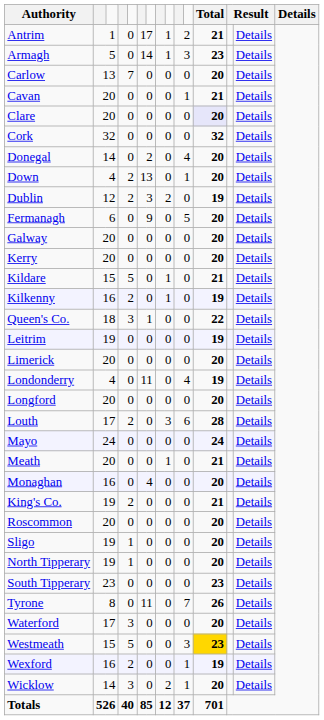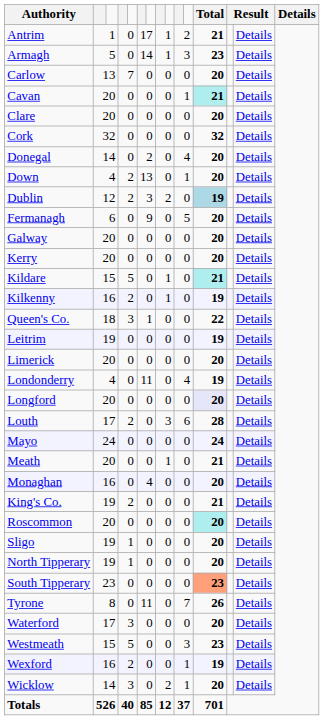 <table class="wikitable" style="text-align:right; padding-left:1em">
 <tr>
 <th align="left">Authority</th>
 <th style="background-color: "></th>
 <td><a href='#'></a></td>
 <th style="background-color: "></th>
 <td><a href='#'></a></td>
 <th style="background-color: "></th>
 <td><a href='#'></a></td>
 <th style="background-color: "></th>
 <td><a href='#'></a></td>
 <th style="background-color: "></th>
 <td><a href='#'></a></td>
 <th align="left">Total</th>
 <th colspan=2>Result</th>
 <th>Details</th>
 </tr>
 <tr>
 <td align=left><a href='#'>Antrim</a></td>
 <td colspan=2>1</td>
 <td colspan=2>0</td>
 <td colspan=2>17</td>
 <td colspan=2>1</td>
 <td colspan=2>2</td>
 <td><strong>21</strong></td>
 <td></td>
 <td><a href='#'>Details</a></td>
 </tr>
 <tr>
 <td align=left><a href='#'>Armagh</a></td>
 <td colspan=2>5</td>
 <td colspan=2>0</td>
 <td colspan=2>14</td>
 <td colspan=2>1</td>
 <td colspan=2>3</td>
 <td><strong>23</strong></td>
 <td></td>
 <td><a href='#'>Details</a></td>
 </tr>
 <tr>
 <td align=left><a href='#'>Carlow</a></td>
 <td colspan=2>13</td>
 <td colspan=2>7</td>
 <td colspan=2>0</td>
 <td colspan=2>0</td>
 <td colspan=2>0</td>
 <td><strong>20</strong></td>
 <td></td>
 <td><a href='#'>Details</a></td>
 </tr>
 <tr>
 <td align=left><a href='#'>Cavan</a></td>
 <td colspan=2>20</td>
 <td colspan=2>0</td>
 <td colspan=2>0</td>
 <td colspan=2>0</td>
 <td colspan=2>1</td>
-<td><strong>21</strong></td>
+<td style="background: paleturquoise;"><strong>21</strong></td>
 <td></td>
 <td><a href='#'>Details</a></td>
 </tr>
 <tr>
 <td align=left><a href='#'>Clare</a></td>
 <td colspan=2>20</td>
 <td colspan=2>0</td>
 <td colspan=2>0</td>
 <td colspan=2>0</td>
 <td colspan=2>0</td>
-<td style="background: lavender;"><strong>20</strong></td>
+<td><strong>20</strong></td>
 <td></td>
 <td><a href='#'>Details</a></td>
 </tr>
 <tr>
 <td align=left><a href='#'>Cork</a></td>
 <td colspan=2>32</td>
 <td colspan=2>0</td>
 <td colspan=2>0</td>
 <td colspan=2>0</td>
 <td colspan=2>0</td>
 <td><strong>32</strong></td>
 <td></td>
 <td><a href='#'>Details</a></td>
 </tr>
 <tr>
 <td align=left><a href='#'>Donegal</a></td>
 <td colspan=2>14</td>
 <td colspan=2>0</td>
 <td colspan=2>2</td>
 <td colspan=2>0</td>
 <td colspan=2>4</td>
 <td><strong>20</strong></td>
 <td></td>
 <td><a href='#'>Details</a></td>
 </tr>
 <tr>
 <td align=left><a href='#'>Down</a></td>
 <td colspan=2>4</td>
 <td colspan=2>2</td>
 <td colspan=2>13</td>
 <td colspan=2>0</td>
 <td colspan=2>1</td>
 <td><strong>20</strong></td>
 <td></td>
 <td><a href='#'>Details</a></td>
 </tr>
 <tr>
 <td align=left><a href='#'>Dublin</a></td>
 <td colspan=2>12</td>
 <td colspan=2>2</td>
 <td colspan=2>3</td>
 <td colspan=2>2</td>
 <td colspan=2>0</td>
-<td><strong>19</strong></td>
+<td style="background: lightblue;"><strong>19</strong></td>
 <td></td>
 <td><a href='#'>Details</a></td>
 </tr>
 <tr>
 <td align=left><a href='#'>Fermanagh</a></td>
 <td colspan=2>6</td>
 <td colspan=2>0</td>
 <td colspan=2>9</td>
 <td colspan=2>0</td>
 <td colspan=2>5</td>
 <td><strong>20</strong></td>
 <td></td>
 <td><a href='#'>Details</a></td>
 </tr>
 <tr>
 <td align=left><a href='#'>Galway</a></td>
 <td colspan=2>20</td>
 <td colspan=2>0</td>
 <td colspan=2>0</td>
 <td colspan=2>0</td>
 <td colspan=2>0</td>
 <td><strong>20</strong></td>
 <td></td>
 <td><a href='#'>Details</a></td>
 </tr>
 <tr>
 <td align=left><a href='#'>Kerry</a></td>
 <td colspan=2>20</td>
 <td colspan=2>0</td>
 <td colspan=2>0</td>
 <td colspan=2>0</td>
 <td colspan=2>0</td>
 <td><strong>20</strong></td>
 <td></td>
 <td><a href='#'>Details</a></td>
 </tr>
 <tr>
 <td align=left><a href='#'>Kildare</a></td>
 <td colspan=2>15</td>
 <td colspan=2>5</td>
 <td colspan=2>0</td>
 <td colspan=2>1</td>
 <td colspan=2>0</td>
-<td><strong>21</strong></td>
+<td style="background: paleturquoise;"><strong>21</strong></td>
 <td></td>
 <td><a href='#'>Details</a></td>
 </tr>
 <tr bgcolor=F3F3FF>
 <td align=left><a href='#'>Kilkenny</a></td>
 <td colspan=2>16</td>
 <td colspan=2>2</td>
 <td colspan=2>0</td>
 <td colspan=2>1</td>
 <td colspan=2>0</td>
 <td><strong>19</strong></td>
 <td></td>
 <td><a href='#'>Details</a></td>
 </tr>
 <tr>
 <td align=left><a href='#'>Queen's Co.</a></td>
 <td colspan=2>18</td>
 <td colspan=2>3</td>
 <td colspan=2>1</td>
 <td colspan=2>0</td>
 <td colspan=2>0</td>
 <td><strong>22</strong></td>
 <td></td>
 <td><a href='#'>Details</a></td>
 </tr>
 <tr bgcolor=F3F3FF>
 <td align=left><a href='#'>Leitrim</a></td>
 <td colspan=2>19</td>
 <td colspan=2>0</td>
 <td colspan=2>0</td>
 <td colspan=2>0</td>
 <td colspan=2>0</td>
 <td><strong>19</strong></td>
 <td></td>
 <td><a href='#'>Details</a></td>
 </tr>
 <tr>
 <td align=left><a href='#'>Limerick</a></td>
 <td colspan=2>20</td>
 <td colspan=2>0</td>
 <td colspan=2>0</td>
 <td colspan=2>0</td>
 <td colspan=2>0</td>
 <td><strong>20</strong></td>
 <td></td>
 <td><a href='#'>Details</a></td>
 </tr>
 <tr>
 <td align=left><a href='#'>Londonderry</a></td>
 <td colspan=2>4</td>
 <td colspan=2>0</td>
 <td colspan=2>11</td>
 <td colspan=2>0</td>
 <td colspan=2>4</td>
 <td><strong>19</strong></td>
 <td></td>
 <td><a href='#'>Details</a></td>
 </tr>
 <tr>
 <td align=left><a href='#'>Longford</a></td>
 <td colspan=2>20</td>
 <td colspan=2>0</td>
 <td colspan=2>0</td>
 <td colspan=2>0</td>
 <td colspan=2>0</td>
-<td><strong>20</strong></td>
+<td style="background: lavender;"><strong>20</strong></td>
 <td></td>
 <td><a href='#'>Details</a></td>
 </tr>
 <tr>
 <td align=left><a href='#'>Louth</a></td>
 <td colspan=2>17</td>
 <td colspan=2>2</td>
 <td colspan=2>0</td>
 <td colspan=2>3</td>
 <td colspan=2>6</td>
 <td><strong>28</strong></td>
 <td></td>
 <td><a href='#'>Details</a></td>
 </tr>
 <tr bgcolor=F3F3FF>
 <td align=left><a href='#'>Mayo</a></td>
 <td colspan=2>24</td>
 <td colspan=2>0</td>
 <td colspan=2>0</td>
 <td colspan=2>0</td>
 <td colspan=2>0</td>
 <td><strong>24</strong></td>
 <td></td>
 <td><a href='#'>Details</a></td>
 </tr>
 <tr>
 <td align=left><a href='#'>Meath</a></td>
 <td colspan=2>20</td>
 <td colspan=2>0</td>
 <td colspan=2>0</td>
 <td colspan=2>1</td>
 <td colspan=2>0</td>
 <td><strong>21</strong></td>
 <td></td>
 <td><a href='#'>Details</a></td>
 </tr>
 <tr bgcolor=F3F3FF>
 <td align=left><a href='#'>Monaghan</a></td>
 <td colspan=2>16</td>
 <td colspan=2>0</td>
 <td colspan=2>4</td>
 <td colspan=2>0</td>
 <td colspan=2>0</td>
 <td><strong>20</strong></td>
 <td></td>
 <td><a href='#'>Details</a></td>
 </tr>
 <tr>
 <td align=left><a href='#'>King's Co.</a></td>
 <td colspan=2>19</td>
 <td colspan=2>2</td>
 <td colspan=2>0</td>
 <td colspan=2>0</td>
 <td colspan=2>0</td>
 <td><strong>21</strong></td>
 <td></td>
 <td><a href='#'>Details</a></td>
 </tr>
 <tr>
 <td align=left><a href='#'>Roscommon</a></td>
 <td colspan=2>20</td>
 <td colspan=2>0</td>
 <td colspan=2>0</td>
 <td colspan=2>0</td>
 <td colspan=2>0</td>
-<td><strong>20</strong></td>
+<td style="background: paleturquoise;"><strong>20</strong></td>
 <td></td>
 <td><a href='#'>Details</a></td>
 </tr>
 <tr>
 <td align=left><a href='#'>Sligo</a></td>
 <td colspan=2>19</td>
 <td colspan=2>1</td>
 <td colspan=2>0</td>
 <td colspan=2>0</td>
 <td colspan=2>0</td>
 <td><strong>20</strong></td>
 <td></td>
 <td><a href='#'>Details</a></td>
 </tr>
 <tr>
 <td align=left><a href='#'>North Tipperary</a></td>
 <td colspan=2>19</td>
 <td colspan=2>1</td>
 <td colspan=2>0</td>
 <td colspan=2>0</td>
 <td colspan=2>0</td>
 <td><strong>20</strong></td>
 <td></td>
 <td><a href='#'>Details</a></td>
 </tr>
 <tr>
 <td align=left><a href='#'>South Tipperary</a></td>
 <td colspan=2>23</td>
 <td colspan=2>0</td>
 <td colspan=2>0</td>
 <td colspan=2>0</td>
 <td colspan=2>0</td>
-<td><strong>23</strong></td>
+<td style="background: lightsalmon;"><strong>23</strong></td>
 <td></td>
 <td><a href='#'>Details</a></td>
 </tr>
 <tr>
 <td align=left><a href='#'>Tyrone</a></td>
 <td colspan=2>8</td>
 <td colspan=2>0</td>
 <td colspan=2>11</td>
 <td colspan=2>0</td>
 <td colspan=2>7</td>
 <td><strong>26</strong></td>
 <td></td>
 <td><a href='#'>Details</a></td>
 </tr>
 <tr>
 <td align=left><a href='#'>Waterford</a></td>
 <td colspan=2>17</td>
 <td colspan=2>3</td>
 <td colspan=2>0</td>
 <td colspan=2>0</td>
 <td colspan=2>0</td>
 <td><strong>20</strong></td>
 <td></td>
 <td><a href='#'>Details</a></td>
 </tr>
 <tr>
 <td align=left><a href='#'>Westmeath</a></td>
 <td colspan=2>15</td>
 <td colspan=2>5</td>
 <td colspan=2>0</td>
 <td colspan=2>0</td>
 <td colspan=2>3</td>
-<td style="background: gold;"><strong>23</strong></td>
+<td><strong>23</strong></td>
 <td></td>
 <td><a href='#'>Details</a></td>
 </tr>
 <tr bgcolor=F3F3FF>
 <td align=left><a href='#'>Wexford</a></td>
 <td colspan=2>16</td>
 <td colspan=2>2</td>
 <td colspan=2>0</td>
 <td colspan=2>0</td>
 <td colspan=2>1</td>
 <td><strong>19</strong></td>
 <td></td>
 <td><a href='#'>Details</a></td>
 </tr>
 <tr>
 <td align=left><a href='#'>Wicklow</a></td>
 <td colspan=2>14</td>
 <td colspan=2>3</td>
 <td colspan=2>0</td>
 <td colspan=2>2</td>
 <td colspan=2>1</td>
 <td><strong>20</strong></td>
 <td></td>
 <td><a href='#'>Details</a></td>
 </tr>
 <tr>
 <td align=left><strong>Totals</strong></td>
 <td colspan=2><strong>526</strong></td>
 <td colspan=2><strong>40</strong></td>
 <td colspan=2><strong>85</strong></td>
 <td colspan=2><strong>12</strong></td>
 <td colspan=2><strong>37</strong></td>
 <td><strong>701</strong></td>
 </tr>
 </table>
